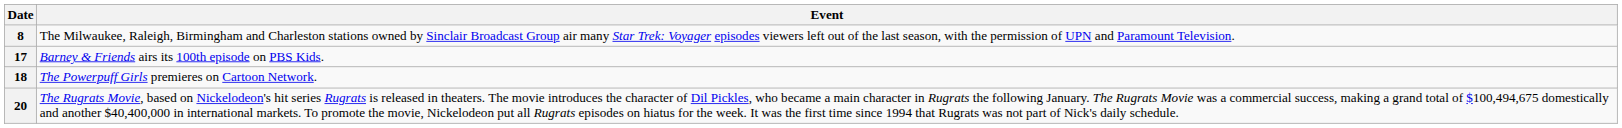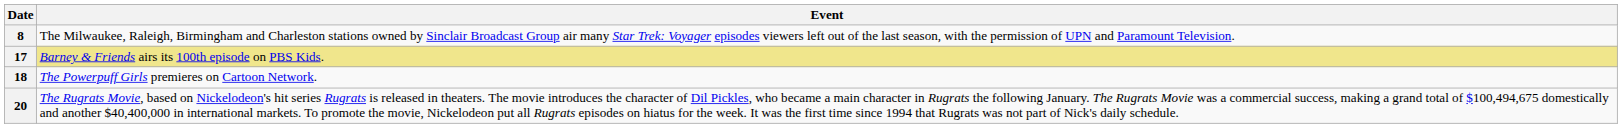 <table class="wikitable">
 <tr>
 <th>Date</th>
 <th>Event</th>
 </tr>
 <tr>
 <th>8</th>
 <td>The Milwaukee, Raleigh, Birmingham and Charleston stations owned by <a href='#'>Sinclair Broadcast Group</a> air many <em><a href='#'>Star Trek: Voyager</a></em> <a href='#'>episodes</a> viewers left out of the last season, with the permission of <a href='#'>UPN</a> and <a href='#'>Paramount Television</a>.</td>
 </tr>
 <tr>
 <th>17</th>
-<td><em><a href='#'>Barney & Friends</a></em> airs its <a href='#'>100th episode</a> on <a href='#'>PBS Kids</a>.</td>
+<td style="background: khaki;"><em><a href='#'>Barney & Friends</a></em> airs its <a href='#'>100th episode</a> on <a href='#'>PBS Kids</a>.</td>
 </tr>
 <tr>
 <th>18</th>
 <td><em><a href='#'>The Powerpuff Girls</a></em> premieres on <a href='#'>Cartoon Network</a>.</td>
 </tr>
 <tr>
 <th>20</th>
 <td><em><a href='#'>The Rugrats Movie</a></em>, based on <a href='#'>Nickelodeon</a>'s hit series <em><a href='#'>Rugrats</a></em> is released in theaters. The movie introduces the character of <a href='#'>Dil Pickles</a>, who became a main character in <em>Rugrats</em> the following January. <em>The Rugrats Movie</em> was a commercial success, making a grand total of <a href='#'>$</a>100,494,675 domestically and another $40,400,000 in international markets. To promote the movie, Nickelodeon put all <em>Rugrats</em> episodes on hiatus for the week. It was the first time since 1994 that Rugrats was not part of Nick's daily schedule.</td>
 </tr>
 </table>
